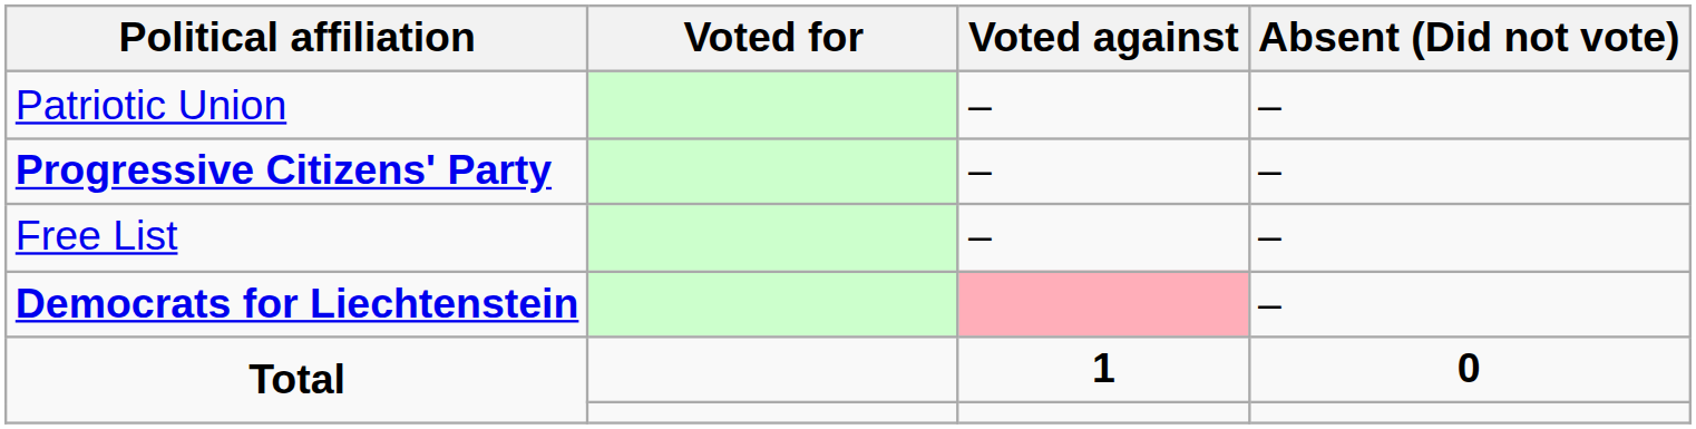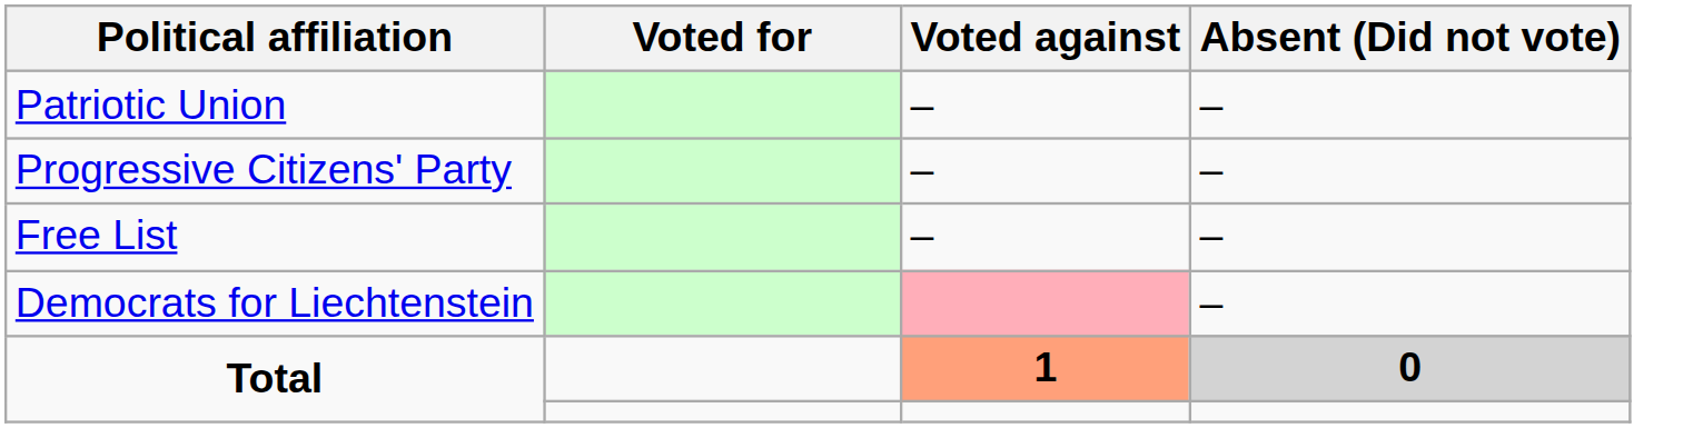 <table class="wikitable">
 <tr>
 <th>Political affiliation</th>
 <th style="width:22%;">Voted for</th>
 <th>Voted against</th>
 <th>Absent (Did not vote)</th>
 </tr>
 <tr>
 <td> <a href='#'>Patriotic Union</a></td>
 <td style="background-color:#CCFFCC;"></td>
 <td>–</td>
 <td>–</td>
 </tr>
 <tr>
-<td><strong> <a href='#'>Progressive Citizens' Party</a></strong></td>
+<td> <a href='#'>Progressive Citizens' Party</a></td>
 <td style="background-color:#CCFFCC;"></td>
 <td>–</td>
 <td>–</td>
 </tr>
 <tr>
 <td> <a href='#'>Free List</a></td>
 <td style="background-color:#CCFFCC;"></td>
 <td>–</td>
 <td>–</td>
 </tr>
 <tr>
-<td><strong> <a href='#'>Democrats for Liechtenstein</a></strong></td>
+<td> <a href='#'>Democrats for Liechtenstein</a></td>
 <td style="background-color:#CCFFCC;"></td>
 <td style="background-color:#FFAEB9;"></td>
 <td>–</td>
 </tr>
 <tr>
 <td style="text-align:center;" rowspan="2"><strong>Total</strong></td>
 <td></td>
-<td style="text-align:center;"><strong>1</strong></td>
-<td style="text-align:center;"><strong>0</strong></td>
+<td style="background: lightsalmon; text-align:center;"><strong>1</strong></td>
+<td style="background: lightgrey; text-align:center;"><strong>0</strong></td>
 </tr>
 <tr>
 <td style="text-align:center;"></td>
 <td style="text-align:center;"></td>
 <td style="text-align:center;"></td>
 </tr>
 </table>
